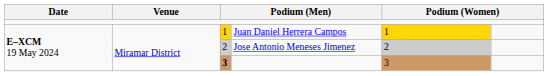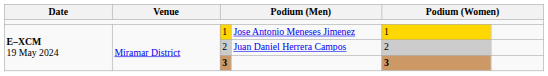 <table class="wikitable" width=70%>
 <tr>
 <th>Date</th>
 <th width=20%>Venue</th>
 <th colspan=2 width=30%>Podium (Men)</th>
 <th colspan=2 width=30%>Podium (Women)</th>
 </tr>
 <tr>
 <td colspan=6></td>
 </tr>
 <tr>
 <td rowspan=3><strong>E–XCM</strong> <br> 19 May 2024</td>
 <td rowspan=3><br><a href='#'>Miramar District</a></td>
 <td bgcolor=FFD700>1</td>
-<td><a href='#'>Juan Daniel Herrera Campos</a></td>
+<td><a href='#'>Jose Antonio Meneses Jimenez</a></td>
 <td bgcolor=FFD700>1</td>
 <td></td>
 </tr>
 <tr>
 <td bgcolor=CCCCCC>2</td>
-<td><a href='#'>Jose Antonio Meneses Jimenez</a></td>
+<td><a href='#'>Juan Daniel Herrera Campos</a></td>
 <td bgcolor=CCCCCC>2</td>
 <td></td>
 </tr>
 <tr>
 <td bgcolor=CC9966><strong>3</strong></td>
 <td></td>
-<td bgcolor=CC9966>3</td>
+<td bgcolor=CC9966><strong>3</strong></td>
 <td></td>
 </tr>
 </table>
